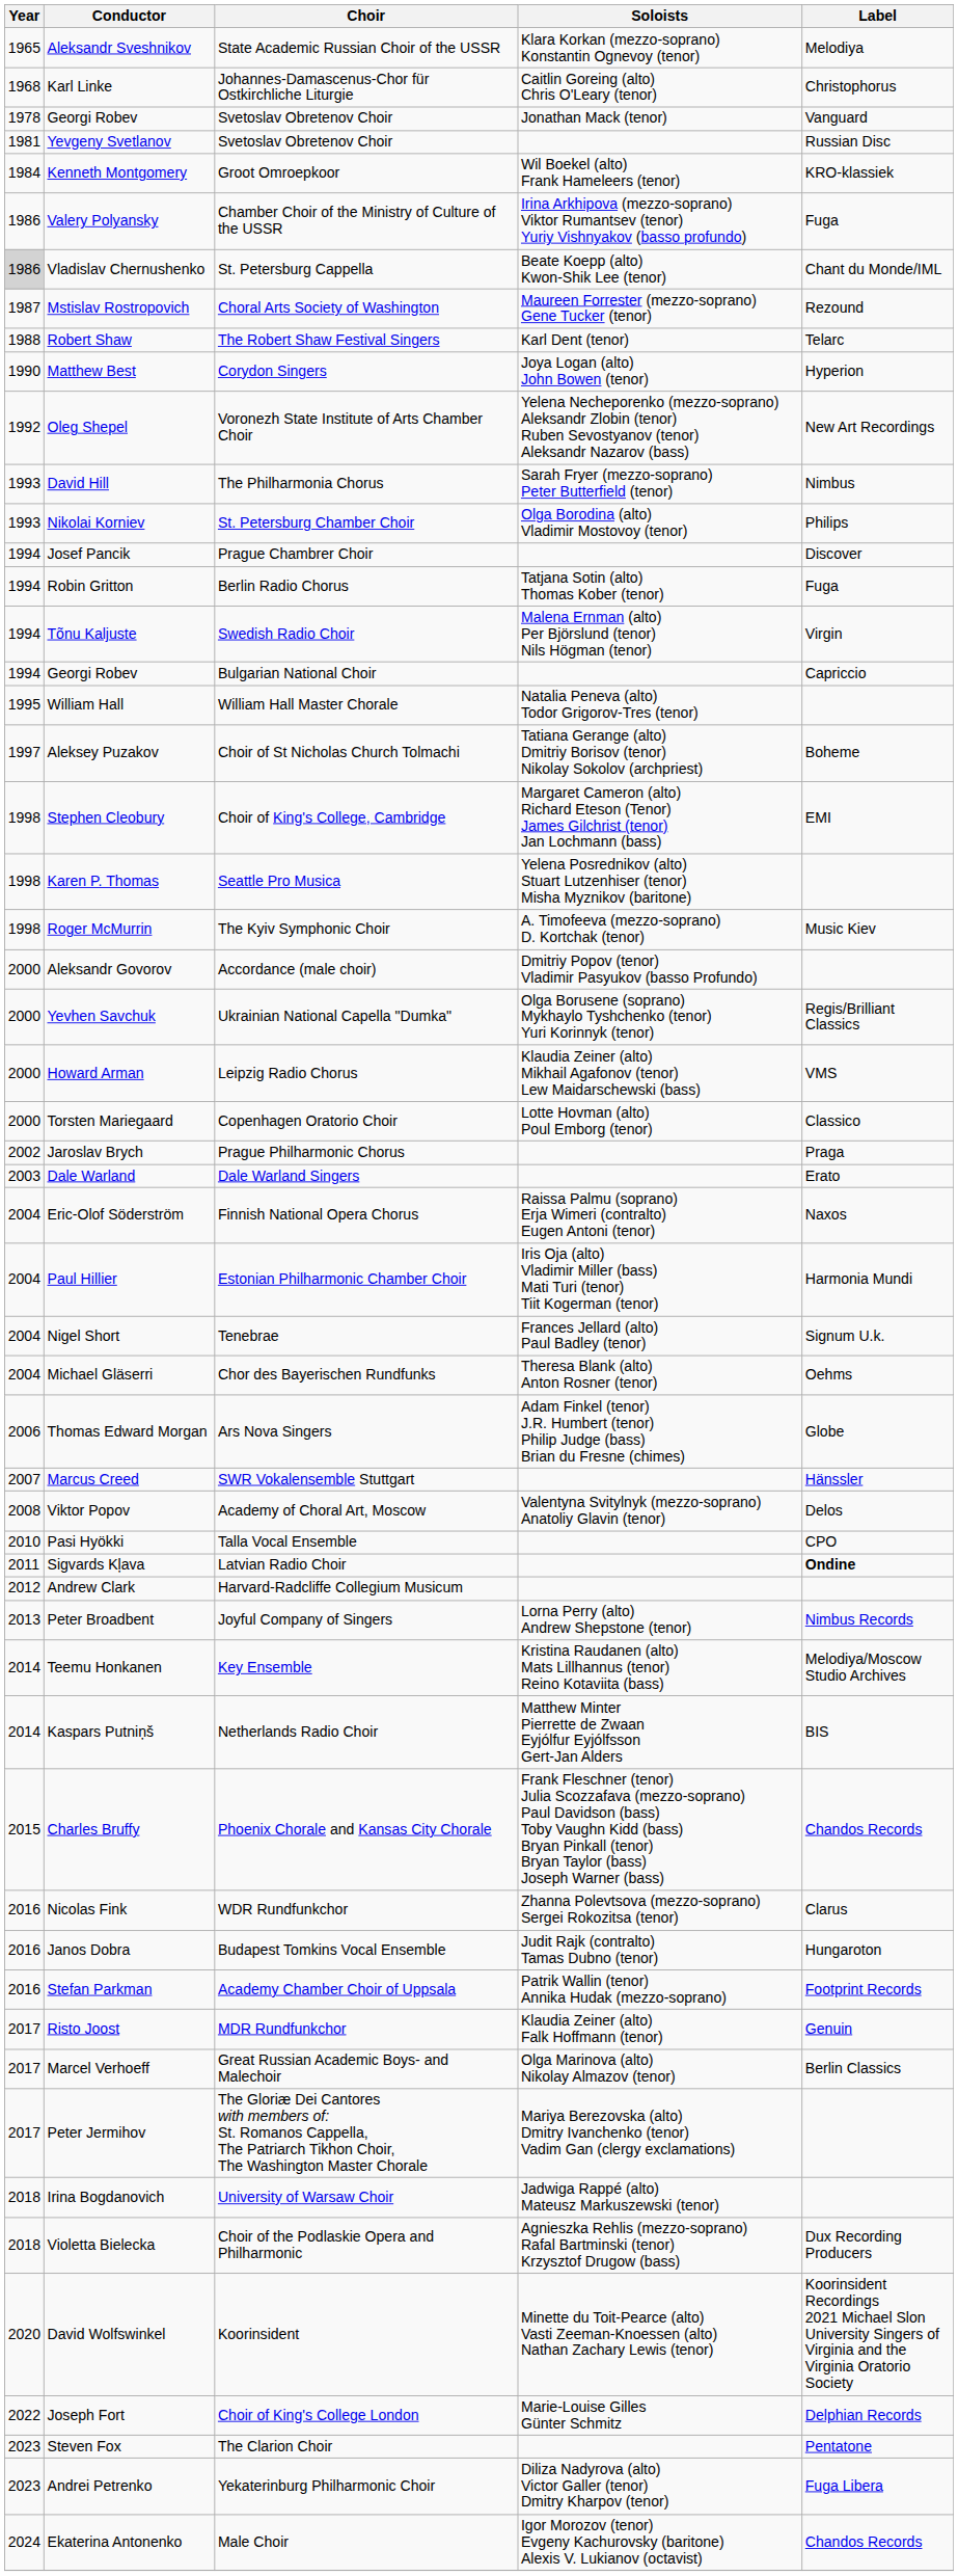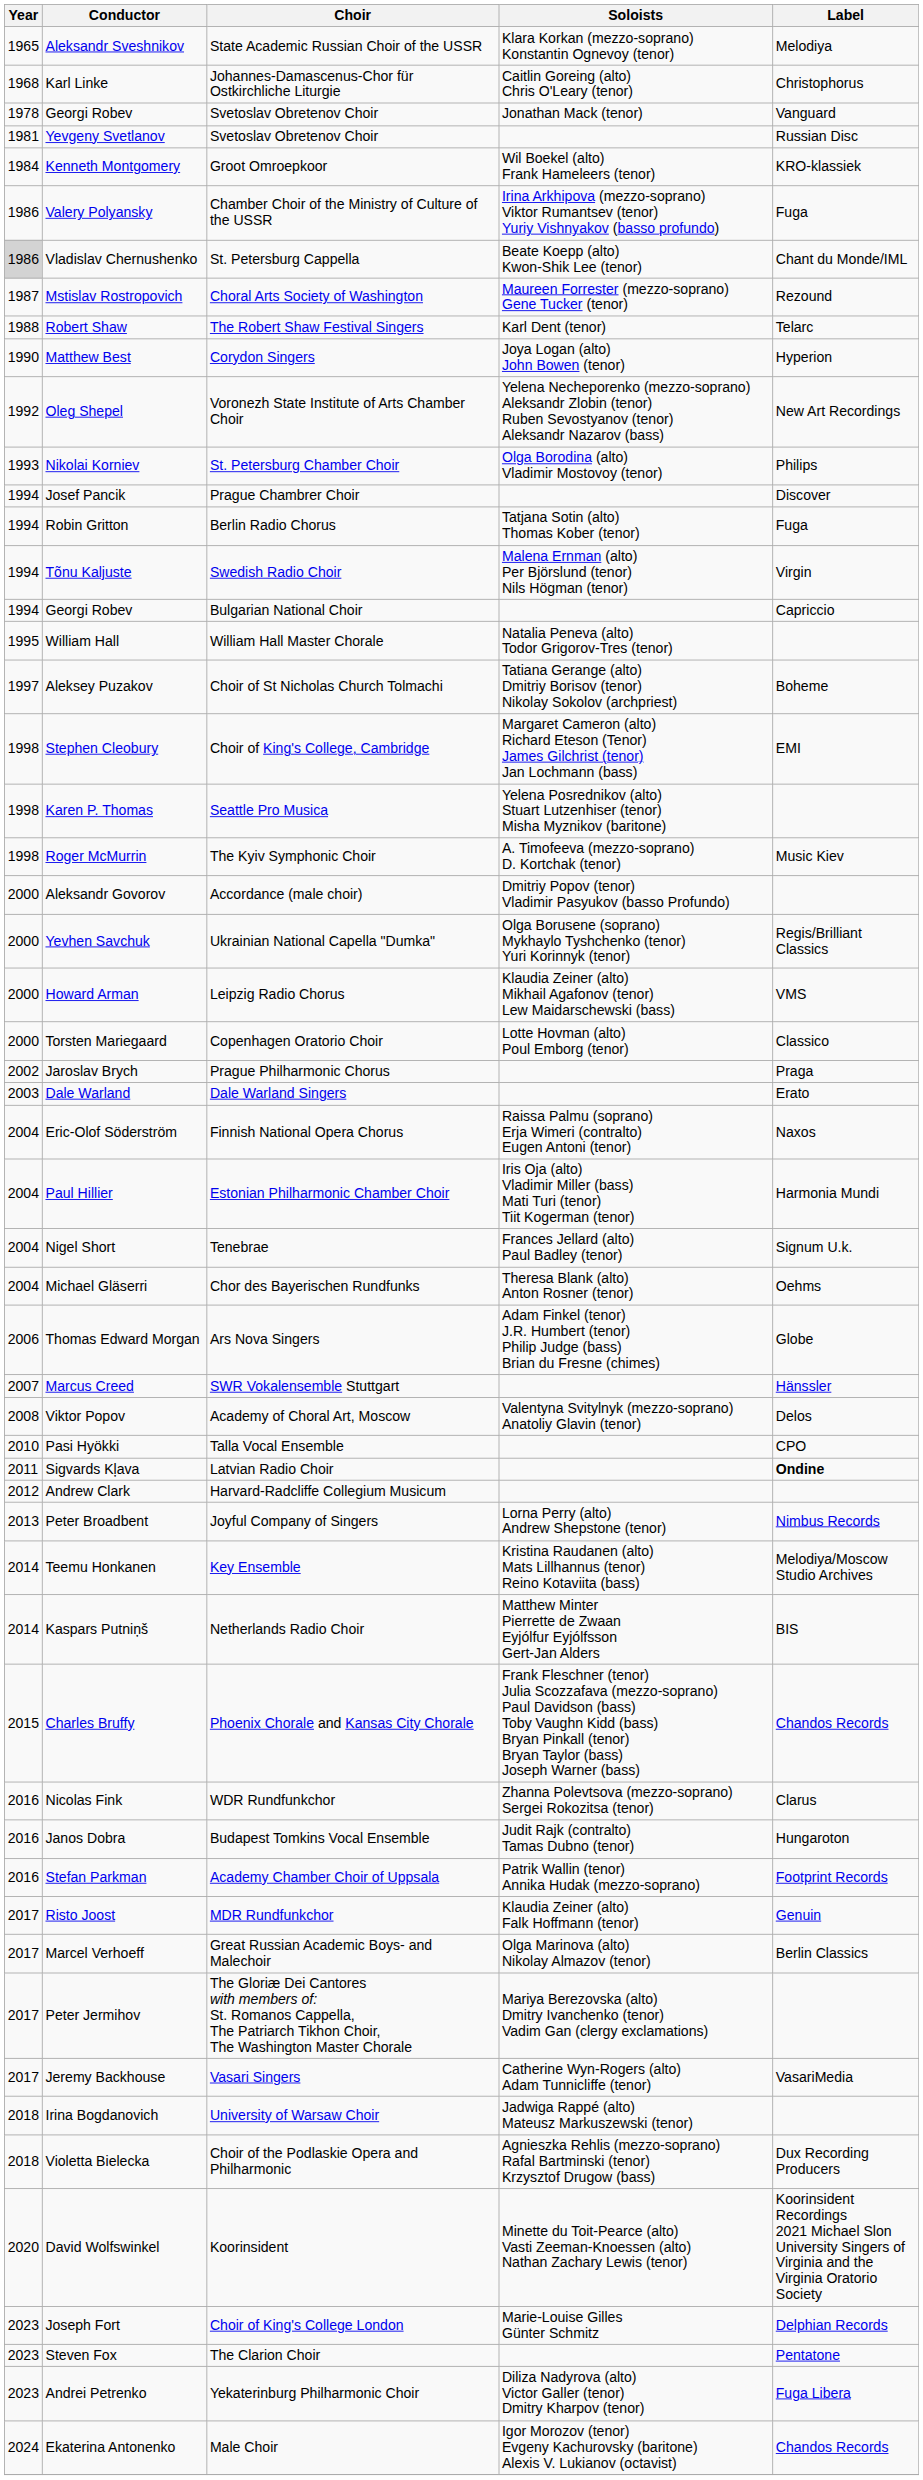 <table class="wikitable" border="1" ; style="width:65em;">
 <tr>
 <th style="width:4%;">Year</th>
 <th style="width:18%;">Conductor</th>
 <th style="width:32%;">Choir</th>
 <th style="width:30%;">Soloists</th>
 <th style="width:16%;">Label</th>
 </tr>
 <tr>
 <td>1965</td>
 <td><a href='#'>Aleksandr Sveshnikov</a></td>
 <td>State Academic Russian Choir of the USSR</td>
 <td>Klara Korkan (mezzo-soprano)<br>Konstantin Ognevoy (tenor)</td>
 <td>Melodiya</td>
 </tr>
 <tr>
 <td>1968</td>
 <td>Karl Linke</td>
 <td>Johannes-Damascenus-Chor für Ostkirchliche Liturgie</td>
 <td>Caitlin Goreing (alto)<br>Chris O'Leary (tenor)</td>
 <td>Christophorus</td>
 </tr>
 <tr>
 <td>1978</td>
 <td>Georgi Robev</td>
 <td>Svetoslav Obretenov Choir</td>
 <td>Jonathan Mack (tenor)</td>
 <td>Vanguard</td>
 </tr>
 <tr>
 <td>1981</td>
 <td><a href='#'>Yevgeny Svetlanov</a></td>
 <td>Svetoslav Obretenov Choir</td>
 <td></td>
 <td>Russian Disc</td>
 </tr>
 <tr>
 <td>1984</td>
 <td><a href='#'>Kenneth Montgomery</a></td>
 <td>Groot Omroepkoor</td>
 <td>Wil Boekel (alto)<br>Frank Hameleers (tenor)</td>
 <td>KRO-klassiek</td>
 </tr>
 <tr>
 <td>1986</td>
 <td><a href='#'>Valery Polyansky</a></td>
 <td>Chamber Choir of the Ministry of Culture of the USSR</td>
 <td><a href='#'>Irina Arkhipova</a> (mezzo-soprano)<br>Viktor Rumantsev (tenor)<br><a href='#'>Yuriy Vishnyakov</a> (<a href='#'>basso profundo</a>)</td>
 <td>Fuga</td>
 </tr>
 <tr>
 <td style="background: lightgrey;">1986</td>
 <td>Vladislav Chernushenko</td>
 <td>St. Petersburg Cappella</td>
 <td>Beate Koepp (alto)<br>Kwon-Shik Lee (tenor)</td>
 <td>Chant du Monde/IML</td>
 </tr>
 <tr>
 <td>1987</td>
 <td><a href='#'>Mstislav Rostropovich</a></td>
 <td><a href='#'>Choral Arts Society of Washington</a></td>
 <td><a href='#'>Maureen Forrester</a> (mezzo-soprano)<br><a href='#'>Gene Tucker</a> (tenor)</td>
 <td>Rezound</td>
 </tr>
 <tr>
 <td>1988</td>
 <td><a href='#'>Robert Shaw</a></td>
 <td><a href='#'>The Robert Shaw Festival Singers</a></td>
 <td>Karl Dent (tenor)</td>
 <td>Telarc</td>
 </tr>
 <tr>
 <td>1990</td>
 <td><a href='#'>Matthew Best</a></td>
 <td><a href='#'>Corydon Singers</a></td>
 <td>Joya Logan (alto)<br><a href='#'>John Bowen</a> (tenor)</td>
 <td>Hyperion</td>
 </tr>
 <tr>
 <td>1992</td>
 <td><a href='#'>Oleg Shepel</a></td>
 <td>Voronezh State Institute of Arts Chamber Choir</td>
 <td>Yelena Necheporenko (mezzo-soprano)<br>Aleksandr Zlobin (tenor)<br>Ruben Sevostyanov (tenor)<br>Aleksandr Nazarov (bass)</td>
 <td>New Art Recordings</td>
-</tr>
-<tr>
-<td>1993</td>
-<td><a href='#'>David Hill</a></td>
-<td>The Philharmonia Chorus</td>
-<td>Sarah Fryer (mezzo-soprano)<br><a href='#'>Peter Butterfield</a> (tenor)</td>
-<td>Nimbus</td>
 </tr>
 <tr>
 <td>1993</td>
 <td><a href='#'>Nikolai Korniev</a></td>
 <td><a href='#'>St. Petersburg Chamber Choir</a></td>
 <td><a href='#'>Olga Borodina</a> (alto)<br>Vladimir Mostovoy (tenor)</td>
 <td>Philips</td>
 </tr>
 <tr>
 <td>1994</td>
 <td>Josef Pancik</td>
 <td>Prague Chambrer Choir</td>
 <td></td>
 <td>Discover</td>
 </tr>
 <tr>
 <td>1994</td>
 <td>Robin Gritton</td>
 <td>Berlin Radio Chorus</td>
 <td>Tatjana Sotin (alto)<br>Thomas Kober (tenor)</td>
 <td>Fuga</td>
 </tr>
 <tr>
 <td>1994</td>
 <td><a href='#'>Tõnu Kaljuste</a></td>
 <td><a href='#'>Swedish Radio Choir</a></td>
 <td><a href='#'>Malena Ernman</a> (alto)<br>Per Björslund (tenor)<br>Nils Högman (tenor)</td>
 <td>Virgin</td>
 </tr>
 <tr>
 <td>1994</td>
 <td>Georgi Robev</td>
 <td>Bulgarian National Choir</td>
 <td></td>
 <td>Capriccio</td>
 </tr>
 <tr>
 <td>1995</td>
 <td>William Hall</td>
 <td>William Hall Master Chorale</td>
 <td>Natalia Peneva (alto)<br>Todor Grigorov-Tres (tenor)</td>
 <td></td>
 </tr>
 <tr>
 <td>1997</td>
 <td>Aleksey Puzakov</td>
 <td>Choir of St Nicholas Church Tolmachi</td>
 <td>Tatiana Gerange (alto)<br>Dmitriy Borisov (tenor)<br>Nikolay Sokolov (archpriest)</td>
 <td>Boheme</td>
 </tr>
 <tr>
 <td>1998</td>
 <td><a href='#'>Stephen Cleobury</a></td>
 <td>Choir of <a href='#'>King's College, Cambridge</a></td>
 <td>Margaret Cameron (alto)<br>Richard Eteson (Tenor)<br><a href='#'>James Gilchrist (tenor)</a><br>Jan Lochmann (bass)</td>
 <td>EMI</td>
 </tr>
 <tr>
 <td>1998</td>
 <td><a href='#'>Karen P. Thomas</a></td>
 <td><a href='#'>Seattle Pro Musica</a></td>
 <td>Yelena Posrednikov (alto)<br>Stuart Lutzenhiser (tenor)<br>Misha Myznikov (baritone)</td>
 <td></td>
 </tr>
 <tr>
 <td>1998</td>
 <td><a href='#'>Roger McMurrin</a></td>
 <td>The Kyiv Symphonic Choir</td>
 <td>A. Timofeeva (mezzo-soprano)<br>D. Kortchak (tenor)</td>
 <td>Music Kiev</td>
 </tr>
 <tr>
 <td>2000</td>
 <td>Aleksandr Govorov</td>
 <td>Accordance (male choir)</td>
 <td>Dmitriy Popov (tenor)<br>Vladimir Pasyukov (basso Profundo)</td>
 <td></td>
 </tr>
 <tr>
 <td>2000</td>
 <td><a href='#'>Yevhen Savchuk</a></td>
 <td>Ukrainian National Capella "Dumka"</td>
 <td>Olga Borusene (soprano)<br>Mykhaylo Tyshchenko (tenor)<br>Yuri Korinnyk (tenor)</td>
 <td>Regis/Brilliant Classics</td>
 </tr>
 <tr>
 <td>2000</td>
 <td><a href='#'>Howard Arman</a></td>
 <td>Leipzig Radio Chorus</td>
 <td>Klaudia Zeiner (alto)<br>Mikhail Agafonov (tenor)<br>Lew Maidarschewski (bass)</td>
 <td>VMS</td>
 </tr>
 <tr>
 <td>2000</td>
 <td>Torsten Mariegaard</td>
 <td>Copenhagen Oratorio Choir</td>
 <td>Lotte Hovman (alto)<br>Poul Emborg (tenor)</td>
 <td>Classico</td>
 </tr>
 <tr>
 <td>2002</td>
 <td>Jaroslav Brych</td>
 <td>Prague Philharmonic Chorus</td>
 <td></td>
 <td>Praga</td>
 </tr>
 <tr>
 <td>2003</td>
 <td><a href='#'>Dale Warland</a></td>
 <td><a href='#'>Dale Warland Singers</a></td>
 <td></td>
 <td>Erato</td>
 </tr>
 <tr>
 <td>2004</td>
 <td>Eric-Olof Söderström</td>
 <td>Finnish National Opera Chorus</td>
 <td>Raissa Palmu (soprano)<br>Erja Wimeri (contralto)<br>Eugen Antoni (tenor)</td>
 <td>Naxos</td>
 </tr>
 <tr>
 <td>2004</td>
 <td><a href='#'>Paul Hillier</a></td>
 <td><a href='#'>Estonian Philharmonic Chamber Choir</a></td>
 <td>Iris Oja (alto)<br>Vladimir Miller (bass)<br>Mati Turi (tenor)<br>Tiit Kogerman (tenor)</td>
 <td>Harmonia Mundi</td>
 </tr>
 <tr>
 <td>2004</td>
 <td>Nigel Short</td>
 <td>Tenebrae</td>
 <td>Frances Jellard (alto)<br>Paul Badley (tenor)</td>
 <td>Signum U.k.</td>
 </tr>
 <tr>
 <td>2004</td>
 <td>Michael Gläserri</td>
 <td>Chor des Bayerischen Rundfunks</td>
 <td>Theresa Blank (alto)<br>Anton Rosner (tenor)</td>
 <td>Oehms</td>
 </tr>
 <tr>
 <td>2006</td>
 <td>Thomas Edward Morgan</td>
 <td>Ars Nova Singers</td>
 <td>Adam Finkel (tenor)<br>J.R. Humbert (tenor)<br>Philip Judge (bass)<br>Brian du Fresne (chimes)</td>
 <td>Globe</td>
 </tr>
 <tr>
 <td>2007</td>
 <td><a href='#'>Marcus Creed</a></td>
 <td><a href='#'>SWR Vokalensemble</a> Stuttgart</td>
 <td></td>
 <td><a href='#'>Hänssler</a></td>
 </tr>
 <tr>
 <td>2008</td>
 <td>Viktor Popov</td>
 <td>Academy of Choral Art, Moscow</td>
 <td>Valentyna Svitylnyk (mezzo-soprano)<br>Anatoliy Glavin (tenor)</td>
 <td>Delos</td>
 </tr>
 <tr>
 <td>2010</td>
 <td>Pasi Hyökki</td>
 <td>Talla Vocal Ensemble</td>
 <td></td>
 <td>CPO</td>
 </tr>
 <tr>
 <td>2011</td>
 <td>Sigvards Kļava</td>
 <td>Latvian Radio Choir</td>
 <td></td>
 <td><strong>Ondine</strong></td>
 </tr>
 <tr>
 <td>2012</td>
 <td>Andrew Clark</td>
 <td>Harvard-Radcliffe Collegium Musicum</td>
 <td></td>
 <td></td>
 </tr>
 <tr>
 <td>2013</td>
 <td>Peter Broadbent</td>
 <td>Joyful Company of Singers</td>
 <td>Lorna Perry (alto)<br>Andrew Shepstone (tenor)</td>
 <td><a href='#'>Nimbus Records</a></td>
 </tr>
 <tr>
 <td>2014</td>
 <td>Teemu Honkanen</td>
 <td><a href='#'>Key Ensemble</a></td>
 <td>Kristina Raudanen (alto)<br>Mats Lillhannus (tenor)<br>Reino Kotaviita (bass)</td>
 <td>Melodiya/Moscow Studio Archives</td>
 </tr>
 <tr>
 <td>2014</td>
 <td>Kaspars Putniņš</td>
 <td>Netherlands Radio Choir</td>
 <td>Matthew Minter<br>Pierrette de Zwaan<br>Eyjólfur Eyjólfsson<br>Gert-Jan Alders</td>
 <td>BIS</td>
 </tr>
 <tr>
 <td>2015</td>
 <td><a href='#'>Charles Bruffy</a></td>
 <td><a href='#'>Phoenix Chorale</a> and <a href='#'>Kansas City Chorale</a></td>
 <td>Frank Fleschner (tenor)<br>Julia Scozzafava (mezzo-soprano)<br>Paul Davidson (bass)<br>Toby Vaughn Kidd (bass)<br> Bryan Pinkall (tenor)<br> Bryan Taylor (bass)<br>Joseph Warner (bass)</td>
 <td><a href='#'>Chandos Records</a></td>
 </tr>
 <tr>
 <td>2016</td>
 <td>Nicolas Fink</td>
 <td>WDR Rundfunkchor</td>
 <td>Zhanna Polevtsova (mezzo-soprano)<br>Sergei Rokozitsa (tenor)</td>
 <td>Clarus</td>
 </tr>
 <tr>
 <td>2016</td>
 <td>Janos Dobra</td>
 <td>Budapest Tomkins Vocal Ensemble</td>
 <td>Judit Rajk (contralto)<br>Tamas Dubno (tenor)</td>
 <td>Hungaroton</td>
 </tr>
 <tr>
 <td>2016</td>
 <td><a href='#'>Stefan Parkman</a></td>
 <td><a href='#'>Academy Chamber Choir of Uppsala</a></td>
 <td>Patrik Wallin (tenor)<br>Annika Hudak (mezzo-soprano)</td>
 <td><a href='#'>Footprint Records</a></td>
 </tr>
 <tr>
 <td>2017</td>
 <td><a href='#'>Risto Joost</a></td>
 <td><a href='#'>MDR Rundfunkchor</a></td>
 <td>Klaudia Zeiner (alto)<br>Falk Hoffmann (tenor)</td>
 <td><a href='#'>Genuin</a></td>
 </tr>
 <tr>
 <td>2017</td>
 <td>Marcel Verhoeff</td>
 <td>Great Russian Academic Boys- and Malechoir</td>
 <td>Olga Marinova (alto)<br>Nikolay Almazov (tenor)</td>
 <td>Berlin Classics</td>
 </tr>
 <tr>
 <td>2017</td>
 <td>Peter Jermihov</td>
 <td>The Gloriæ Dei Cantores<br><em>with members of:</em><br>St. Romanos Cappella,<br>The Patriarch Tikhon Choir,<br>The Washington Master Chorale</td>
 <td>Mariya Berezovska (alto)<br>Dmitry Ivanchenko (tenor)<br>Vadim Gan (clergy exclamations)</td>
 <td></td>
 </tr>
 <tr>
+<td>2017</td>
+<td>Jeremy Backhouse</td>
+<td><a href='#'>Vasari Singers</a></td>
+<td>Catherine Wyn-Rogers (alto)<br>Adam Tunnicliffe (tenor)</td>
+<td>VasariMedia</td>
+</tr>
+<tr>
 <td>2018</td>
 <td>Irina Bogdanovich</td>
 <td><a href='#'>University of Warsaw Choir</a></td>
 <td>Jadwiga Rappé (alto)<br>Mateusz Markuszewski (tenor)</td>
 <td></td>
 </tr>
 <tr>
 <td>2018</td>
 <td>Violetta Bielecka</td>
 <td>Choir of the Podlaskie Opera and Philharmonic</td>
 <td>Agnieszka Rehlis (mezzo-soprano)<br>Rafal Bartminski (tenor)<br>Krzysztof Drugow (bass)</td>
 <td>Dux Recording Producers</td>
 </tr>
 <tr>
 <td>2020</td>
 <td>David Wolfswinkel</td>
 <td>Koorinsident</td>
 <td>Minette du Toit-Pearce (alto)<br>Vasti Zeeman-Knoessen (alto)<br>Nathan Zachary Lewis (tenor)</td>
 <td>Koorinsident Recordings<br>2021 Michael Slon University Singers of Virginia and the Virginia Oratorio Society</td>
 </tr>
 <tr>
-<td>2022</td>
+<td>2023</td>
 <td>Joseph Fort</td>
 <td><a href='#'>Choir of King's College London</a></td>
 <td>Marie-Louise Gilles<br>Günter Schmitz</td>
 <td><a href='#'>Delphian Records</a></td>
 </tr>
 <tr>
 <td>2023</td>
 <td>Steven Fox</td>
 <td>The Clarion Choir</td>
 <td></td>
 <td><a href='#'>Pentatone</a></td>
 </tr>
 <tr>
 <td>2023</td>
 <td>Andrei Petrenko</td>
 <td>Yekaterinburg Philharmonic Choir</td>
 <td>Diliza Nadyrova (alto)<br>Victor Galler (tenor)<br>Dmitry Kharpov (tenor)</td>
 <td><a href='#'>Fuga Libera</a></td>
 </tr>
 <tr>
 <td>2024</td>
 <td>Ekaterina Antonenko</td>
 <td> Male Choir</td>
 <td>Igor Morozov (tenor)<br>Evgeny Kachurovsky (baritone)<br>Alexis V. Lukianov (octavist)</td>
 <td><a href='#'>Chandos Records</a></td>
 </tr>
 <tr>
 </tr>
 </table>
